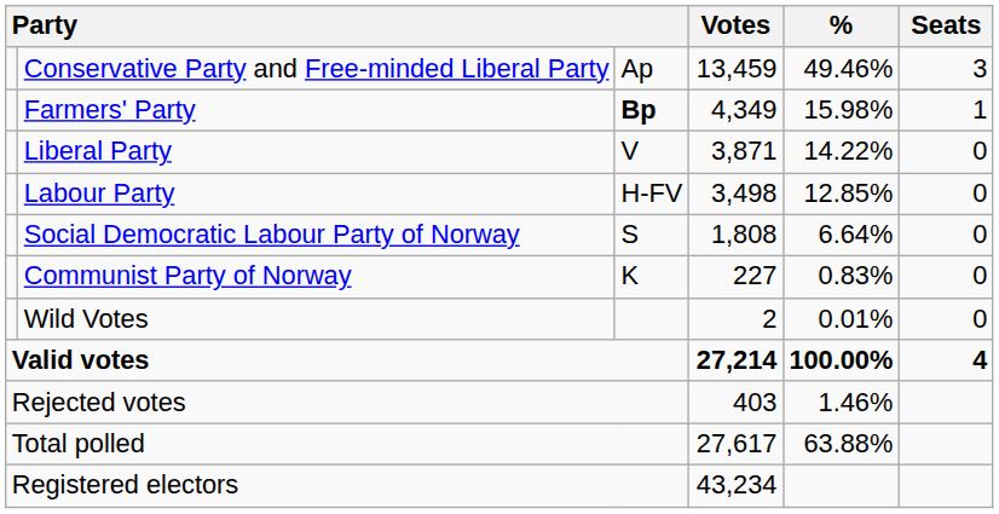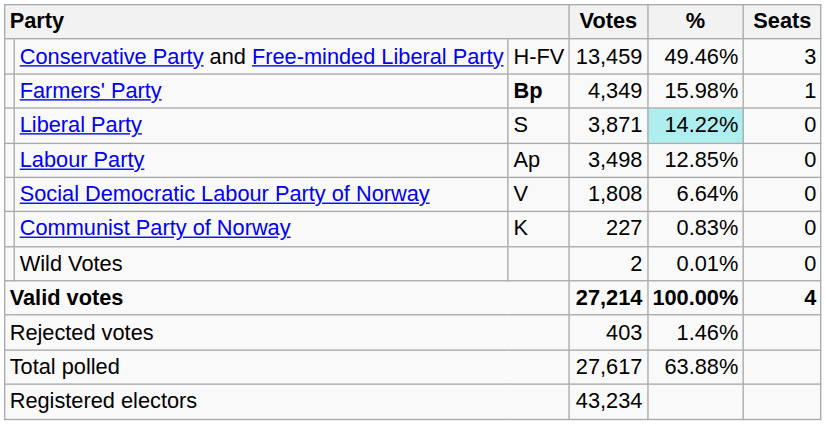 <table class="wikitable" border="1" style="text-align:right;">
 <tr>
 <th style="text-align:left;" colspan=3>Party</th>
 <th align=center width="50">Votes</th>
 <th align=center width="50">%</th>
 <th align=center width="50">Seats</th>
 </tr>
 <tr>
 <td></td>
 <td align=left><a href='#'>Conservative Party</a> and <a href='#'>Free-minded Liberal Party</a></td>
-<td align=left>Ap</td>
+<td align=left>H-FV</td>
 <td>13,459</td>
 <td>49.46%</td>
 <td>3</td>
 </tr>
 <tr>
 <td style="color:inherit;background:"></td>
 <td align=left><a href='#'>Farmers' Party</a></td>
 <td align=left><strong>Bp</strong></td>
 <td>4,349</td>
 <td>15.98%</td>
 <td>1</td>
 </tr>
 <tr>
 <td style="color:inherit;background:"></td>
 <td align=left><a href='#'>Liberal Party</a></td>
-<td align=left>V</td>
+<td align=left>S</td>
 <td>3,871</td>
-<td>14.22%</td>
+<td style="background: paleturquoise;">14.22%</td>
 <td>0</td>
 </tr>
 <tr>
 <td style="color:inherit;background:"></td>
 <td align=left><a href='#'>Labour Party</a></td>
-<td align=left>H-FV</td>
+<td align=left>Ap</td>
 <td>3,498</td>
 <td>12.85%</td>
 <td>0</td>
 </tr>
 <tr>
 <td style="color:inherit;background:"></td>
 <td align=left><a href='#'>Social Democratic Labour Party of Norway</a></td>
-<td align=left>S</td>
+<td align=left>V</td>
 <td>1,808</td>
 <td>6.64%</td>
 <td>0</td>
 </tr>
 <tr>
 <td style="color:inherit;background:"></td>
 <td align=left><a href='#'>Communist Party of Norway</a></td>
 <td align=left>K</td>
 <td>227</td>
 <td>0.83%</td>
 <td>0</td>
 </tr>
 <tr>
 <td></td>
 <td align=left>Wild Votes</td>
 <td align=left></td>
 <td>2</td>
 <td>0.01%</td>
 <td>0</td>
 </tr>
 <tr style="font-weight:bold">
 <td align=left colspan=3>Valid votes</td>
 <td>27,214</td>
 <td>100.00%</td>
 <td>4</td>
 </tr>
 <tr>
 <td align=left colspan=3>Rejected votes</td>
 <td>403</td>
 <td>1.46%</td>
 <td></td>
 </tr>
 <tr>
 <td align=left colspan=3>Total polled</td>
 <td>27,617</td>
 <td>63.88%</td>
 <td></td>
 </tr>
 <tr>
 <td align=left colspan=3>Registered electors</td>
 <td>43,234</td>
 <td></td>
 <td></td>
 </tr>
 </table>
